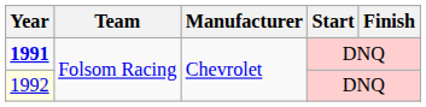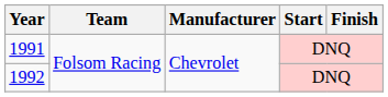 <table class="wikitable" style="font-size: 90%;">
 <tr>
 <th>Year</th>
 <th>Team</th>
 <th>Manufacturer</th>
 <th>Start</th>
 <th>Finish</th>
 </tr>
 <tr>
-<td><strong><a href='#'>1991</a></strong></td>
+<td><a href='#'>1991</a></td>
 <td rowspan=2><a href='#'>Folsom Racing</a></td>
 <td rowspan=2><a href='#'>Chevrolet</a></td>
 <td align=center colspan=2 style="background:#FFCFCF;">DNQ</td>
 </tr>
 <tr>
-<td style="background: lightyellow;"><a href='#'>1992</a></td>
+<td><a href='#'>1992</a></td>
 <td align=center colspan=2 style="background:#FFCFCF;">DNQ</td>
 </tr>
 </table>
